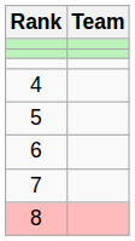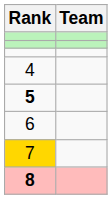 <table class=wikitable style="text-align:center;">
 <tr>
 <th>Rank</th>
 <th>Team</th>
 </tr>
 <tr bgcolor=bbf3bb>
 <td></td>
 <td align=left></td>
 </tr>
 <tr bgcolor=bbf3bb>
 <td></td>
 <td align=left></td>
 </tr>
 <tr>
 <td></td>
 <td align=left></td>
 </tr>
 <tr>
 <td>4</td>
 <td align=left></td>
 </tr>
 <tr>
-<td>5</td>
+<td><strong>5</strong></td>
 <td align=left></td>
 </tr>
 <tr>
 <td>6</td>
 <td align=left></td>
 </tr>
 <tr>
-<td>7</td>
+<td style="background: gold;">7</td>
 <td align=left></td>
 </tr>
 <tr bgcolor=ffbbbb>
-<td>8</td>
+<td><strong>8</strong></td>
 <td align=left></td>
 </tr>
 </table>
